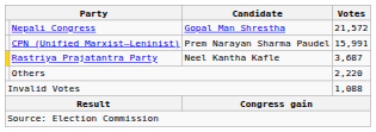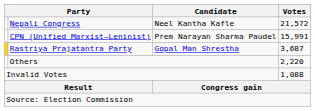 <table class="wikitable">
 <tr>
 <th colspan="2">Party</th>
 <th>Candidate</th>
 <th>Votes</th>
 </tr>
 <tr>
 <td style="background-color:"></td>
 <td><a href='#'>Nepali Congress</a></td>
-<td><a href='#'>Gopal Man Shrestha</a></td>
+<td>Neel Kantha Kafle</td>
 <td>21,572</td>
 </tr>
 <tr>
 <td style="background-color:"></td>
 <td><a href='#'>CPN (Unified Marxist–Leninist)</a></td>
 <td>Prem Narayan Sharma Paudel</td>
 <td>15,991</td>
 </tr>
 <tr>
 <td style="background-color:gold"></td>
 <td><a href='#'>Rastriya Prajatantra Party</a></td>
-<td>Neel Kantha Kafle</td>
+<td><a href='#'>Gopal Man Shrestha</a></td>
 <td>3,687</td>
 </tr>
 <tr>
 <td></td>
 <td colspan="2">Others</td>
 <td>2,220</td>
 </tr>
 <tr>
 <td colspan="3">Invalid Votes</td>
 <td>1,088</td>
 </tr>
 <tr>
 <th colspan="2">Result</th>
 <th colspan="2">Congress gain</th>
 </tr>
 <tr>
 <td colspan="4">Source: Election Commission</td>
 </tr>
 </table>
